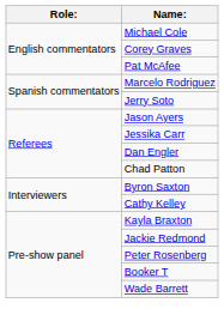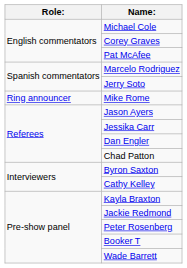 <table class=wikitable style="font-size:90%; margin: 0.5em 0 0.5em 1em; float: right; clear: right;">
 <tr>
 <th>Role:</th>
 <th>Name:</th>
 </tr>
 <tr>
 <td rowspan=3>English commentators</td>
 <td><a href='#'>Michael Cole</a></td>
 </tr>
 <tr>
 <td><a href='#'>Corey Graves</a></td>
 </tr>
 <tr>
 <td><a href='#'>Pat McAfee</a> </td>
 </tr>
 <tr>
 <td rowspan=2>Spanish commentators</td>
 <td><a href='#'>Marcelo Rodriguez</a></td>
 </tr>
 <tr>
 <td><a href='#'>Jerry Soto</a></td>
+</tr>
+<tr>
+<td rowspan=1><a href='#'>Ring announcer</a></td>
+<td><a href='#'>Mike Rome</a></td>
 </tr>
 <tr>
 <td rowspan=4><a href='#'>Referees</a></td>
 <td><a href='#'>Jason Ayers</a></td>
 </tr>
 <tr>
 <td><a href='#'>Jessika Carr</a></td>
 </tr>
 <tr>
 <td><a href='#'>Dan Engler</a></td>
 </tr>
 <tr>
 <td>Chad Patton</td>
 </tr>
 <tr>
 <td rowspan="2">Interviewers</td>
 <td><a href='#'>Byron Saxton</a></td>
 </tr>
 <tr>
 <td><a href='#'>Cathy Kelley</a></td>
 </tr>
 <tr>
 <td rowspan="5">Pre-show panel</td>
 <td><a href='#'>Kayla Braxton</a></td>
 </tr>
 <tr>
 <td><a href='#'>Jackie Redmond</a></td>
 </tr>
 <tr>
 <td><a href='#'>Peter Rosenberg</a></td>
 </tr>
 <tr>
 <td><a href='#'>Booker T</a></td>
 </tr>
 <tr>
 <td><a href='#'>Wade Barrett</a></td>
 </tr>
 </table>
